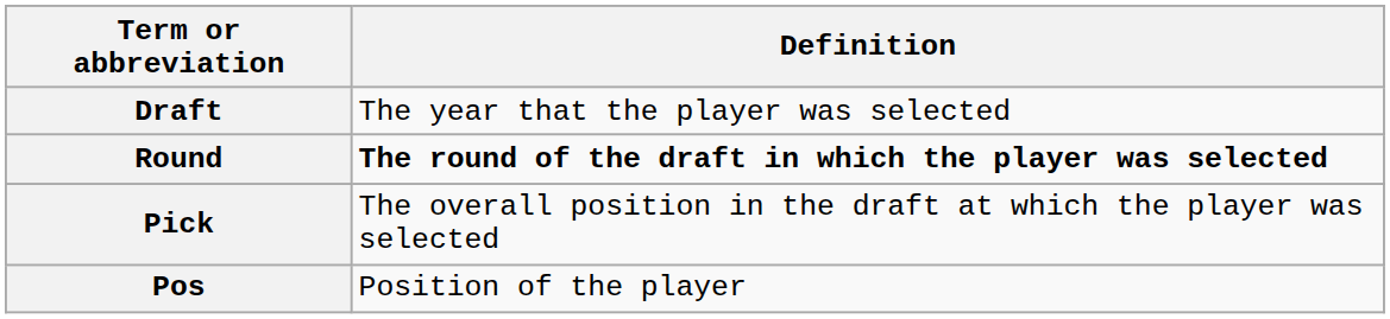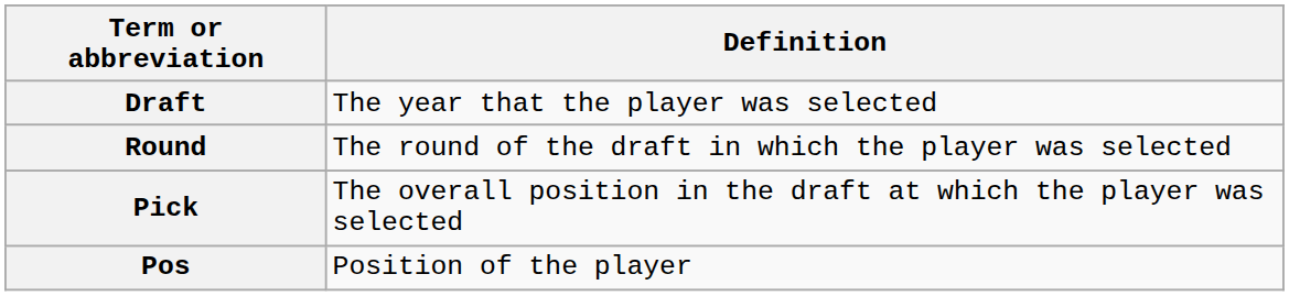 <table class="wikitable">
 <tr>
 <th scope="col">Term or abbreviation</th>
 <th scope="col">Definition</th>
 </tr>
 <tr>
 <th scope="row">Draft</th>
 <td>The year that the player was selected</td>
 </tr>
 <tr>
 <th scope="row">Round</th>
-<td><strong>The round of the draft in which the player was selected</strong></td>
+<td>The round of the draft in which the player was selected</td>
 </tr>
 <tr>
 <th scope="row">Pick</th>
 <td>The overall position in the draft at which the player was selected</td>
 </tr>
 <tr>
 <th scope="row">Pos</th>
 <td>Position of the player</td>
 </tr>
 </table>
